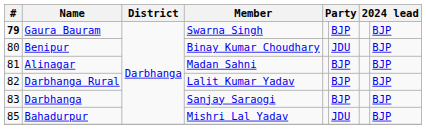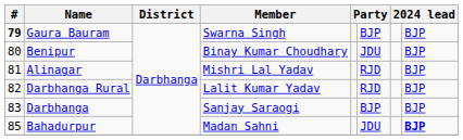 <table class="wikitable">
 <tr>
 <th>#</th>
 <th>Name</th>
 <th>District</th>
 <th>Member</th>
 <th colspan="2">Party</th>
 <th colspan="2">2024 lead</th>
 </tr>
 <tr>
 <td><strong>79</strong></td>
 <td><a href='#'>Gaura Bauram</a></td>
 <td rowspan="6"><a href='#'>Darbhanga</a></td>
 <td><a href='#'>Swarna Singh</a></td>
 <td style="background-color :"></td>
 <td><a href='#'>BJP</a></td>
 <td style="background-color :"></td>
 <td><a href='#'>BJP</a></td>
 </tr>
 <tr>
 <td>80</td>
 <td><a href='#'>Benipur</a></td>
 <td><a href='#'>Binay Kumar Choudhary</a></td>
 <td style="background-color :"></td>
 <td><a href='#'>JDU</a></td>
 <td style="background-color :"></td>
 <td><a href='#'>BJP</a></td>
 </tr>
 <tr>
 <td>81</td>
 <td><a href='#'>Alinagar</a></td>
-<td><a href='#'>Madan Sahni</a></td>
+<td><a href='#'>Mishri Lal Yadav</a></td>
 <td style="background-color :"></td>
-<td><a href='#'>BJP</a></td>
+<td><a href='#'>RJD</a></td>
 <td style="background-color :"></td>
 <td><a href='#'>BJP</a></td>
 </tr>
 <tr>
 <td>82</td>
 <td><a href='#'>Darbhanga Rural</a></td>
 <td><a href='#'>Lalit Kumar Yadav</a></td>
 <td style="background-color :"></td>
-<td><a href='#'>BJP</a></td>
+<td><a href='#'>RJD</a></td>
 <td style="background-color :"></td>
 <td><a href='#'>BJP</a></td>
 </tr>
 <tr>
 <td>83</td>
 <td><a href='#'>Darbhanga</a></td>
 <td><a href='#'>Sanjay Saraogi</a></td>
 <td style="background-color :"></td>
 <td><a href='#'>BJP</a></td>
 <td style="background-color :"></td>
 <td><a href='#'>BJP</a></td>
 </tr>
 <tr>
 <td>85</td>
 <td><a href='#'>Bahadurpur</a></td>
-<td><a href='#'>Mishri Lal Yadav</a></td>
+<td><a href='#'>Madan Sahni</a></td>
 <td style="background-color :"></td>
 <td><a href='#'>JDU</a></td>
 <td style="background-color :"></td>
-<td><a href='#'>BJP</a></td>
+<td><strong><a href='#'>BJP</a></strong></td>
 </tr>
 <tr>
 </tr>
 </table>
